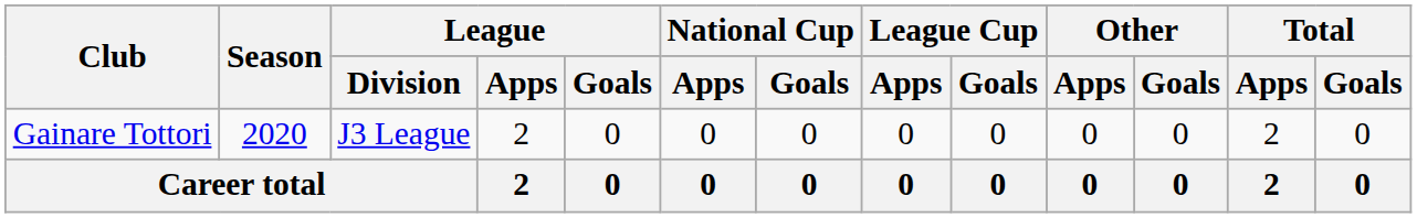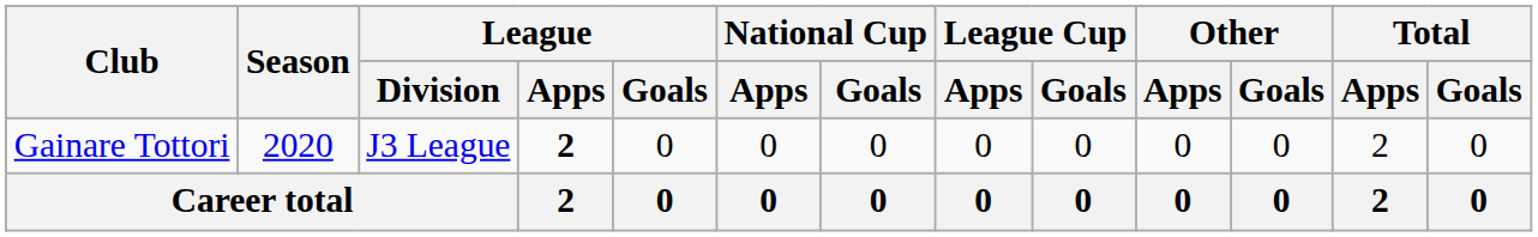 <table class="wikitable" style="text-align: center">
 <tr>
 <th rowspan="2">Club</th>
 <th rowspan="2">Season</th>
 <th colspan="3">League</th>
 <th colspan="2">National Cup</th>
 <th colspan="2">League Cup</th>
 <th colspan="2">Other</th>
 <th colspan="2">Total</th>
 </tr>
 <tr>
 <th>Division</th>
 <th>Apps</th>
 <th>Goals</th>
 <th>Apps</th>
 <th>Goals</th>
 <th>Apps</th>
 <th>Goals</th>
 <th>Apps</th>
 <th>Goals</th>
 <th>Apps</th>
 <th>Goals</th>
 </tr>
 <tr>
 <td><a href='#'>Gainare Tottori</a></td>
 <td><a href='#'>2020</a></td>
 <td><a href='#'>J3 League</a></td>
-<td>2</td>
+<td><strong>2</strong></td>
 <td>0</td>
 <td>0</td>
 <td>0</td>
 <td>0</td>
 <td>0</td>
 <td>0</td>
 <td>0</td>
 <td>2</td>
 <td>0</td>
 </tr>
 <tr>
 <th colspan=3>Career total</th>
 <th>2</th>
 <th>0</th>
 <th>0</th>
 <th>0</th>
 <th>0</th>
 <th>0</th>
 <th>0</th>
 <th>0</th>
 <th>2</th>
 <th>0</th>
 </tr>
 </table>
